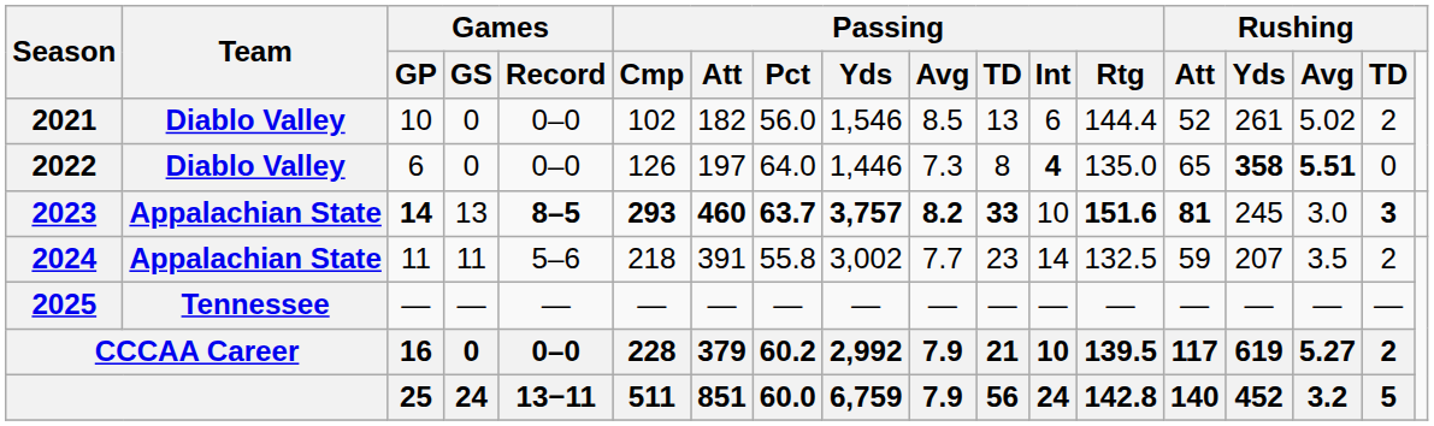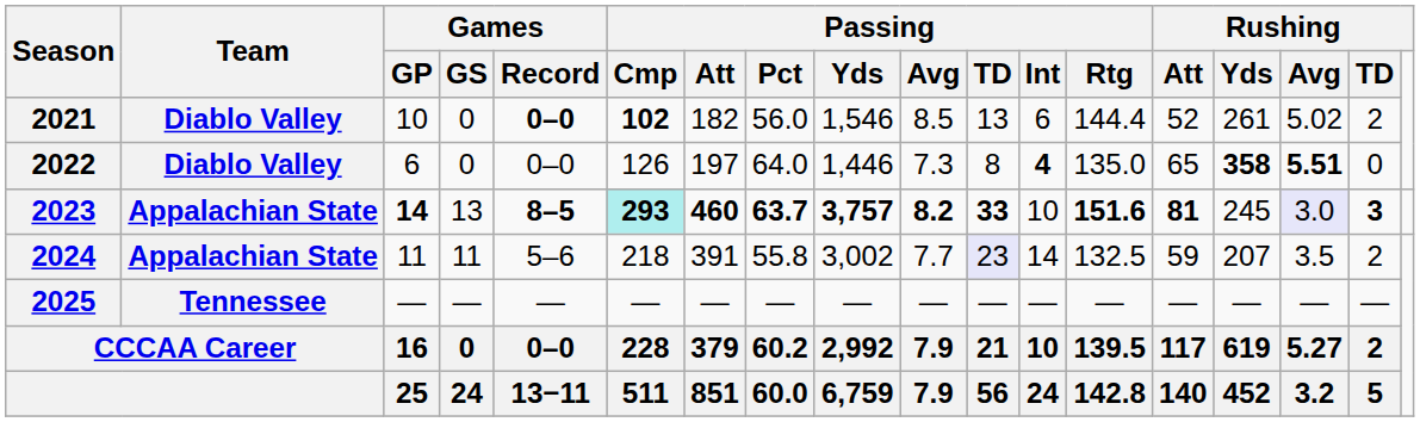 <table class="wikitable" style="text-align:center;">
 <tr>
 <th rowspan="2">Season</th>
 <th rowspan="2">Team</th>
 <th colspan="3">Games</th>
 <th colspan="8">Passing</th>
 <th colspan="5">Rushing</th>
 </tr>
 <tr>
 <th>GP</th>
 <th>GS</th>
 <th>Record</th>
 <th>Cmp</th>
 <th>Att</th>
 <th>Pct</th>
 <th>Yds</th>
 <th>Avg</th>
 <th>TD</th>
 <th>Int</th>
 <th>Rtg</th>
 <th>Att</th>
 <th>Yds</th>
 <th>Avg</th>
 <th>TD</th>
 </tr>
 <tr>
 <th>2021</th>
 <th><a href='#'>Diablo Valley</a></th>
 <td>10</td>
 <td>0</td>
-<td>0–0</td>
-<td>102</td>
+<td><strong>0–0</strong></td>
+<td><strong>102</strong></td>
 <td>182</td>
 <td>56.0</td>
 <td>1,546</td>
 <td>8.5</td>
 <td>13</td>
 <td>6</td>
 <td>144.4</td>
 <td>52</td>
 <td>261</td>
 <td>5.02</td>
 <td>2</td>
 </tr>
 <tr>
 <th>2022</th>
 <th><a href='#'>Diablo Valley</a></th>
 <td>6</td>
 <td>0</td>
 <td>0–0</td>
 <td>126</td>
 <td>197</td>
 <td>64.0</td>
 <td>1,446</td>
 <td>7.3</td>
 <td>8</td>
 <td><strong>4</strong></td>
 <td>135.0</td>
 <td>65</td>
 <td><strong>358</strong></td>
 <td><strong>5.51</strong></td>
 <td>0</td>
 </tr>
 <tr>
 <th><a href='#'>2023</a></th>
 <th><a href='#'>Appalachian State</a></th>
 <td><strong>14</strong></td>
 <td>13</td>
 <td><strong>8–5</strong></td>
-<td><strong>293</strong></td>
+<td style="background: paleturquoise;"><strong>293</strong></td>
 <td><strong>460</strong></td>
 <td><strong>63.7</strong></td>
 <td><strong>3,757</strong></td>
 <td><strong>8.2</strong></td>
 <td><strong>33</strong></td>
 <td>10</td>
 <td><strong>151.6</strong></td>
 <td><strong>81</strong></td>
 <td>245</td>
-<td>3.0</td>
+<td style="background: lavender;">3.0</td>
 <td><strong>3</strong></td>
 <td></td>
 </tr>
 <tr>
 <th><a href='#'>2024</a></th>
 <th><a href='#'>Appalachian State</a></th>
 <td>11</td>
 <td>11</td>
 <td>5–6</td>
 <td>218</td>
 <td>391</td>
 <td>55.8</td>
 <td>3,002</td>
 <td>7.7</td>
-<td>23</td>
+<td style="background: lavender;">23</td>
 <td>14</td>
 <td>132.5</td>
 <td>59</td>
 <td>207</td>
 <td>3.5</td>
 <td>2</td>
 </tr>
 <tr>
 <th><a href='#'>2025</a></th>
 <th><a href='#'>Tennessee</a></th>
 <td>—</td>
 <td>—</td>
 <td>—</td>
 <td>—</td>
 <td>—</td>
 <td>—</td>
 <td>—</td>
 <td>—</td>
 <td>—</td>
 <td>—</td>
 <td>—</td>
 <td>—</td>
 <td>—</td>
 <td>—</td>
 <td>—</td>
 </tr>
 <tr>
 <th colspan="2"><a href='#'>CCCAA Career</a></th>
 <th>16</th>
 <th>0</th>
 <th>0–0</th>
 <th>228</th>
 <th>379</th>
 <th>60.2</th>
 <th>2,992</th>
 <th>7.9</th>
 <th>21</th>
 <th>10</th>
 <th>139.5</th>
 <th>117</th>
 <th>619</th>
 <th>5.27</th>
 <th>2</th>
 </tr>
 <tr>
 <th colspan="2"></th>
 <th>25</th>
 <th>24</th>
 <th>13−11</th>
 <th>511</th>
 <th>851</th>
 <th>60.0</th>
 <th>6,759</th>
 <th>7.9</th>
 <th>56</th>
 <th>24</th>
 <th>142.8</th>
 <th>140</th>
 <th>452</th>
 <th>3.2</th>
 <th>5</th>
 </tr>
 </table>
